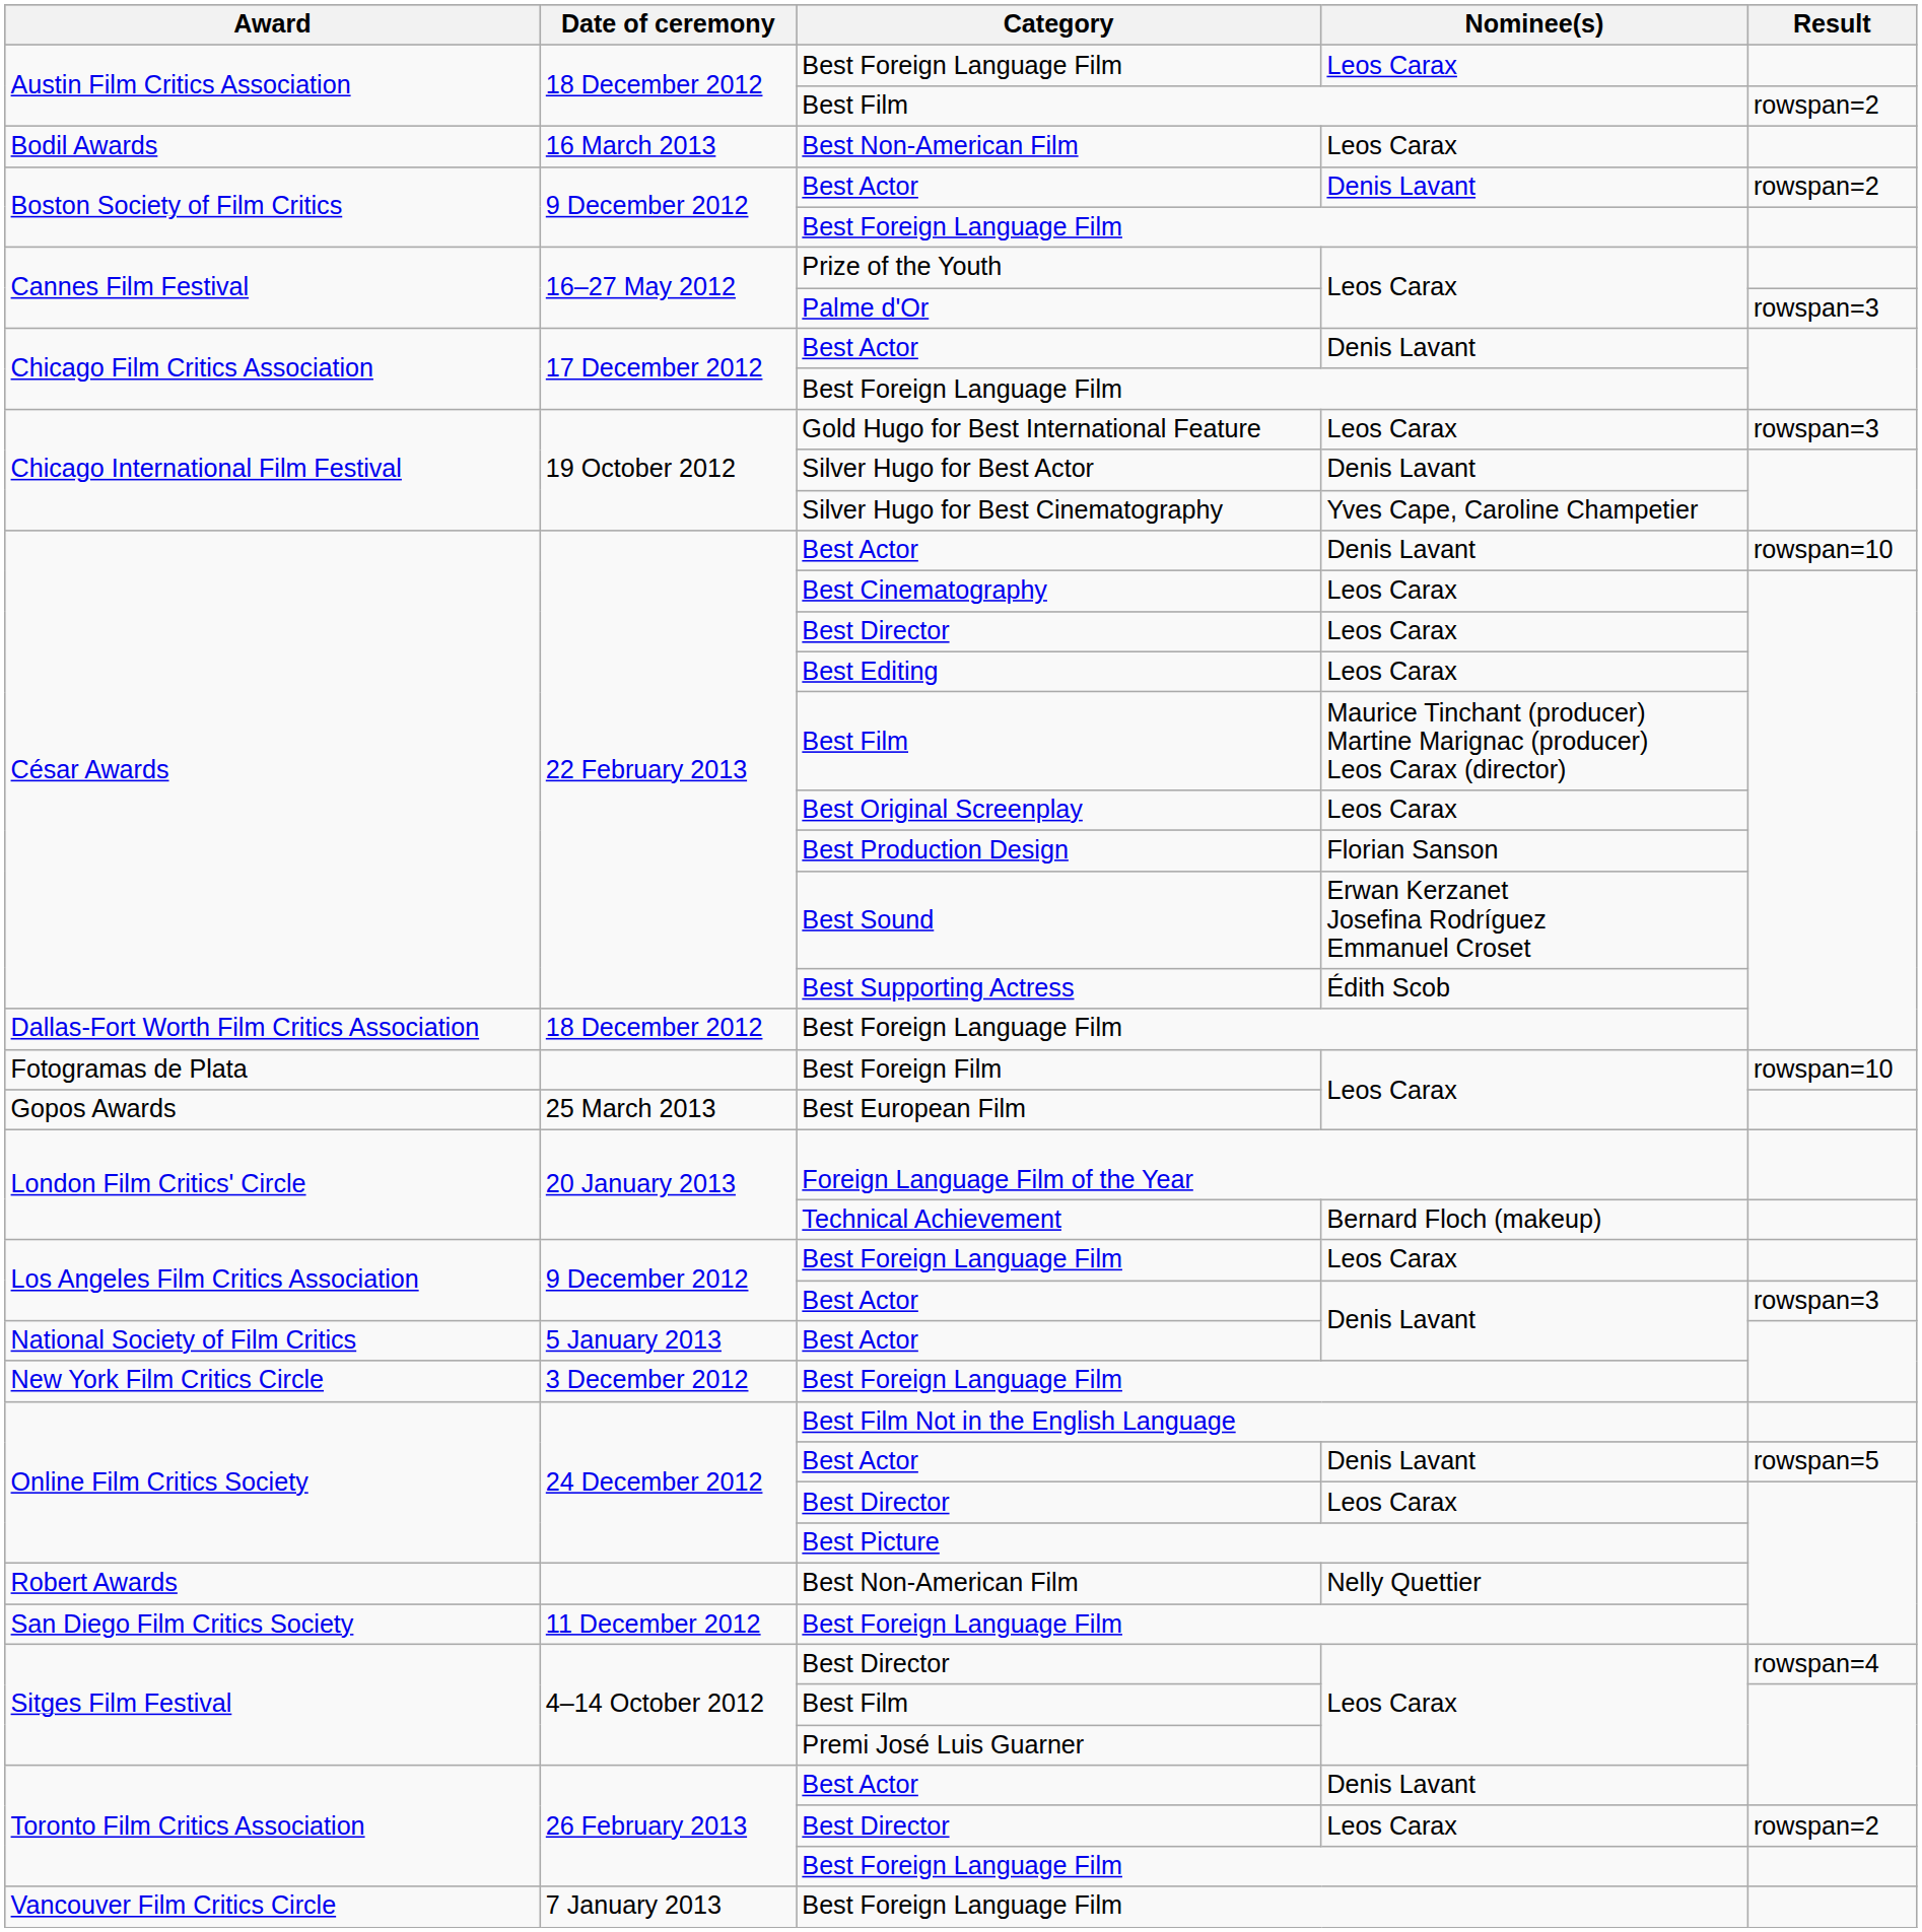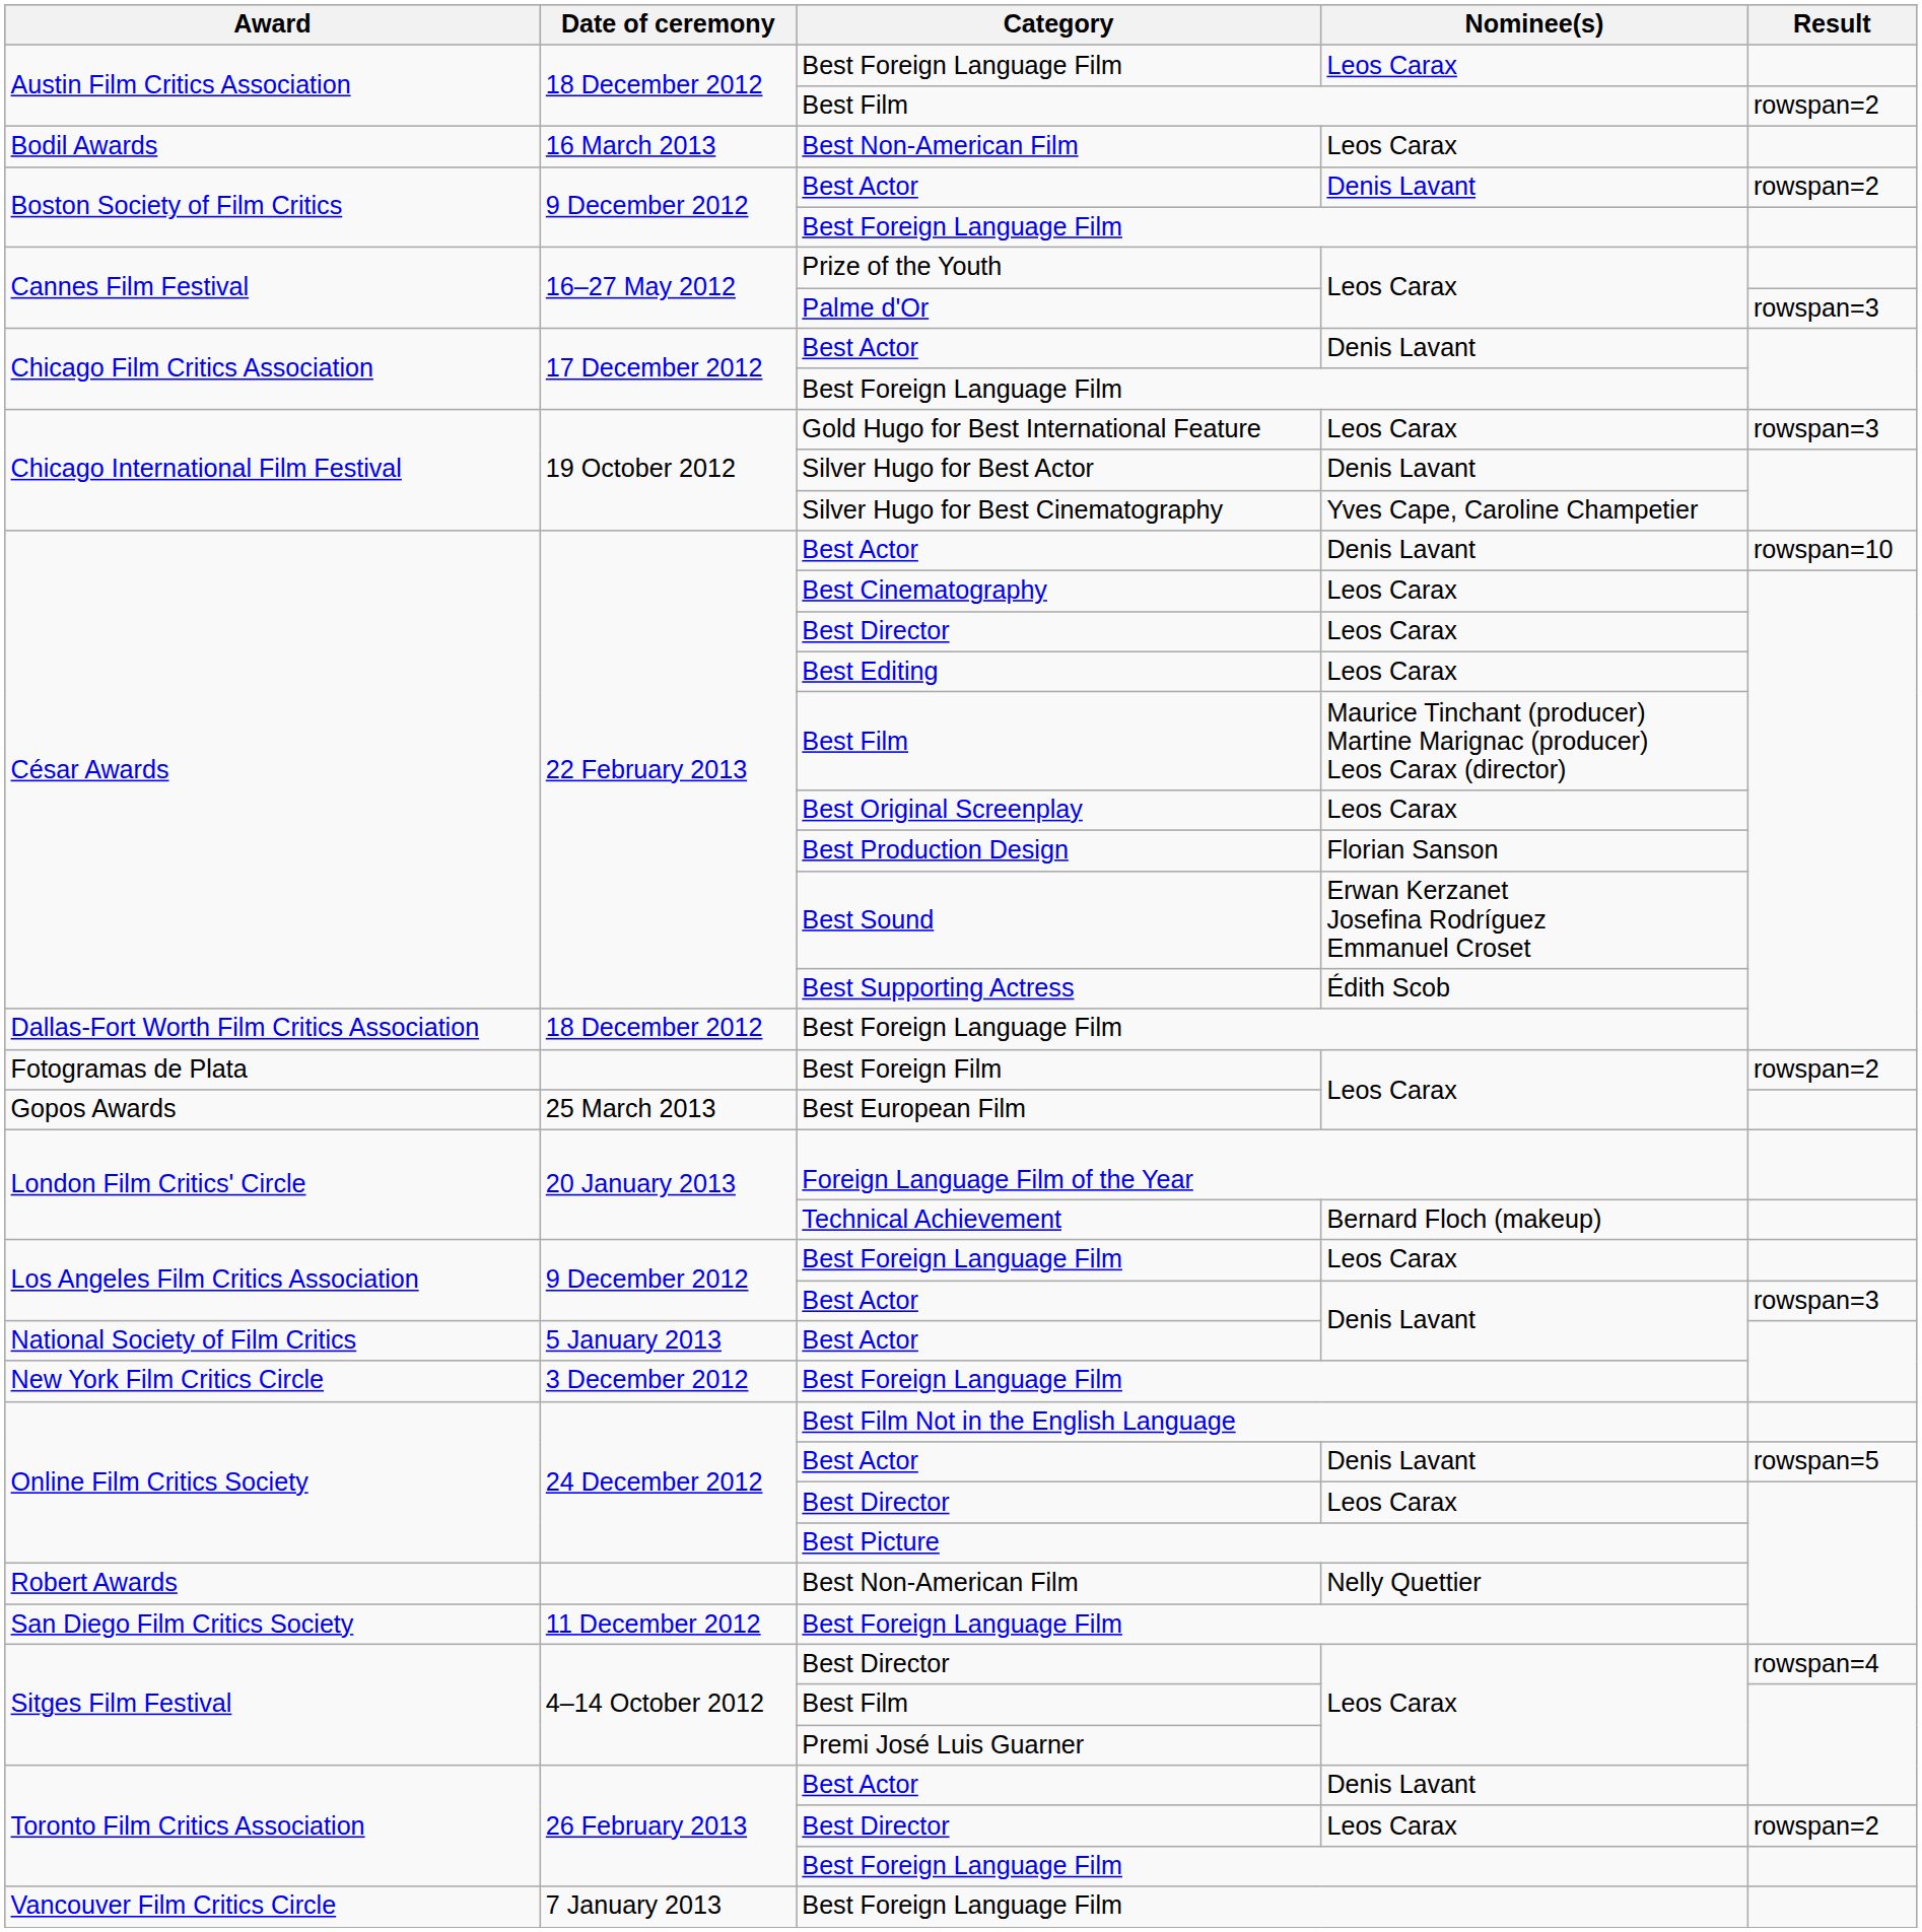 <table class="wikitable plainrowheaders" width=95%;">
 <tr style="background:#ccc; text-align:center;">
 <th scope="col">Award</th>
 <th scope="col">Date of ceremony</th>
 <th scope="col">Category</th>
 <th scope="col">Nominee(s)</th>
 <th scope="col">Result</th>
 </tr>
 <tr>
 <td rowspan=2><a href='#'>Austin Film Critics Association</a></td>
 <td rowspan=2><a href='#'>18 December 2012</a></td>
 <td>Best Foreign Language Film</td>
 <td><a href='#'>Leos Carax</a></td>
 <td></td>
 </tr>
 <tr>
 <td colspan=2>Best Film</td>
 <td>rowspan=2 </td>
 </tr>
 <tr>
 <td><a href='#'>Bodil Awards</a></td>
 <td><a href='#'>16 March 2013</a></td>
 <td><a href='#'>Best Non-American Film</a></td>
 <td>Leos Carax</td>
 </tr>
 <tr>
 <td rowspan=2><a href='#'>Boston Society of Film Critics</a></td>
 <td rowspan=2><a href='#'>9 December 2012</a></td>
 <td><a href='#'>Best Actor</a></td>
 <td><a href='#'>Denis Lavant</a></td>
 <td>rowspan=2 </td>
 </tr>
 <tr>
 <td colspan=2><a href='#'>Best Foreign Language Film</a></td>
 </tr>
 <tr>
 <td rowspan=2><a href='#'>Cannes Film Festival</a></td>
 <td rowspan=2><a href='#'>16–27 May 2012</a></td>
 <td>Prize of the Youth</td>
 <td rowspan=2>Leos Carax</td>
 <td></td>
 </tr>
 <tr>
 <td><a href='#'>Palme d'Or</a></td>
 <td>rowspan=3 </td>
 </tr>
 <tr>
 <td rowspan=2><a href='#'>Chicago Film Critics Association</a></td>
 <td rowspan=2><a href='#'>17 December 2012</a></td>
 <td><a href='#'>Best Actor</a></td>
 <td>Denis Lavant</td>
 </tr>
 <tr>
 <td colspan=2>Best Foreign Language Film</td>
 </tr>
 <tr>
 <td rowspan=3><a href='#'>Chicago International Film Festival</a></td>
 <td rowspan=3>19 October 2012</td>
 <td>Gold Hugo for Best International Feature</td>
 <td>Leos Carax</td>
 <td>rowspan=3 </td>
 </tr>
 <tr>
 <td>Silver Hugo for Best Actor</td>
 <td>Denis Lavant</td>
 </tr>
 <tr>
 <td>Silver Hugo for Best Cinematography</td>
 <td>Yves Cape, Caroline Champetier</td>
 </tr>
 <tr>
 <td rowspan=9><a href='#'>César Awards</a></td>
 <td rowspan=9><a href='#'>22 February 2013</a></td>
 <td><a href='#'>Best Actor</a></td>
 <td>Denis Lavant</td>
 <td>rowspan=10 </td>
 </tr>
 <tr>
 <td><a href='#'>Best Cinematography</a></td>
 <td>Leos Carax</td>
 </tr>
 <tr>
 <td><a href='#'>Best Director</a></td>
 <td>Leos Carax</td>
 </tr>
 <tr>
 <td><a href='#'>Best Editing</a></td>
 <td>Leos Carax</td>
 </tr>
 <tr>
 <td><a href='#'>Best Film</a></td>
 <td>Maurice Tinchant (producer)<br>Martine Marignac (producer)<br>Leos Carax (director)</td>
 </tr>
 <tr>
 <td><a href='#'>Best Original Screenplay</a></td>
 <td>Leos Carax</td>
 </tr>
 <tr>
 <td><a href='#'>Best Production Design</a></td>
 <td>Florian Sanson</td>
 </tr>
 <tr>
 <td><a href='#'>Best Sound</a></td>
 <td>Erwan Kerzanet<br>Josefina Rodríguez<br>Emmanuel Croset</td>
 </tr>
 <tr>
 <td><a href='#'>Best Supporting Actress</a></td>
 <td>Édith Scob</td>
 </tr>
 <tr>
 <td><a href='#'>Dallas-Fort Worth Film Critics Association</a></td>
 <td><a href='#'>18 December 2012</a></td>
 <td colspan=2>Best Foreign Language Film</td>
 </tr>
 <tr>
 <td>Fotogramas de Plata</td>
 <td></td>
 <td>Best Foreign Film</td>
 <td rowspan=2>Leos Carax</td>
-<td>rowspan=10 </td>
+<td>rowspan=2 </td>
 </tr>
 <tr>
 <td>Gopos Awards</td>
 <td>25 March 2013</td>
 <td>Best European Film</td>
 </tr>
 <tr>
 <td rowspan=2><a href='#'>London Film Critics' Circle</a></td>
 <td rowspan=2><a href='#'>20 January 2013</a></td>
 <td colspan=2><br><a href='#'>Foreign Language Film of the Year</a></td>
 <td></td>
 </tr>
 <tr>
 <td><a href='#'>Technical Achievement</a></td>
 <td>Bernard Floch (makeup)</td>
 <td></td>
 </tr>
 <tr>
 <td rowspan=2><a href='#'>Los Angeles Film Critics Association</a></td>
 <td rowspan=2><a href='#'>9 December 2012</a></td>
 <td><a href='#'>Best Foreign Language Film</a></td>
 <td>Leos Carax</td>
 <td></td>
 </tr>
 <tr>
 <td><a href='#'>Best Actor</a></td>
 <td rowspan=2>Denis Lavant</td>
 <td>rowspan=3 </td>
 </tr>
 <tr>
 <td><a href='#'>National Society of Film Critics</a></td>
 <td><a href='#'>5 January 2013</a></td>
 <td><a href='#'>Best Actor</a></td>
 </tr>
 <tr>
 <td><a href='#'>New York Film Critics Circle</a></td>
 <td><a href='#'>3 December 2012</a></td>
 <td colspan=2><a href='#'>Best Foreign Language Film</a></td>
 </tr>
 <tr>
 <td rowspan=4><a href='#'>Online Film Critics Society</a></td>
 <td rowspan=4><a href='#'>24 December 2012</a></td>
 <td colspan=2><a href='#'>Best Film Not in the English Language</a></td>
 <td></td>
 </tr>
 <tr>
 <td><a href='#'>Best Actor</a></td>
 <td>Denis Lavant</td>
 <td>rowspan=5 </td>
 </tr>
 <tr>
 <td><a href='#'>Best Director</a></td>
 <td>Leos Carax</td>
 </tr>
 <tr>
 <td colspan=2><a href='#'>Best Picture</a></td>
 </tr>
 <tr>
 <td><a href='#'>Robert Awards</a></td>
 <td></td>
 <td>Best Non-American Film</td>
 <td>Nelly Quettier</td>
 </tr>
 <tr>
 <td><a href='#'>San Diego Film Critics Society</a></td>
 <td><a href='#'>11 December 2012</a></td>
 <td colspan=2><a href='#'>Best Foreign Language Film</a></td>
 </tr>
 <tr>
 <td rowspan=3><a href='#'>Sitges Film Festival</a></td>
 <td rowspan=3>4–14 October 2012</td>
 <td>Best Director</td>
 <td rowspan=3>Leos Carax</td>
 <td>rowspan=4 </td>
 </tr>
 <tr>
 <td>Best Film</td>
 </tr>
 <tr>
 <td>Premi José Luis Guarner</td>
 </tr>
 <tr>
 <td rowspan=3><a href='#'>Toronto Film Critics Association</a></td>
 <td rowspan=3><a href='#'>26 February 2013</a></td>
 <td><a href='#'>Best Actor</a></td>
 <td>Denis Lavant</td>
 </tr>
 <tr>
 <td><a href='#'>Best Director</a></td>
 <td>Leos Carax</td>
 <td>rowspan=2 </td>
 </tr>
 <tr>
 <td colspan=2><a href='#'>Best Foreign Language Film</a></td>
 </tr>
 <tr>
 <td><a href='#'>Vancouver Film Critics Circle</a></td>
 <td>7 January 2013</td>
 <td colspan=2>Best Foreign Language Film</td>
 <td></td>
 </tr>
 </table>
